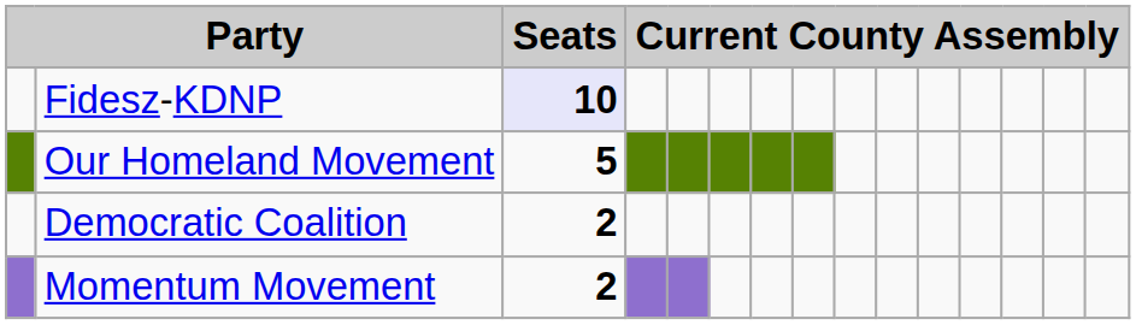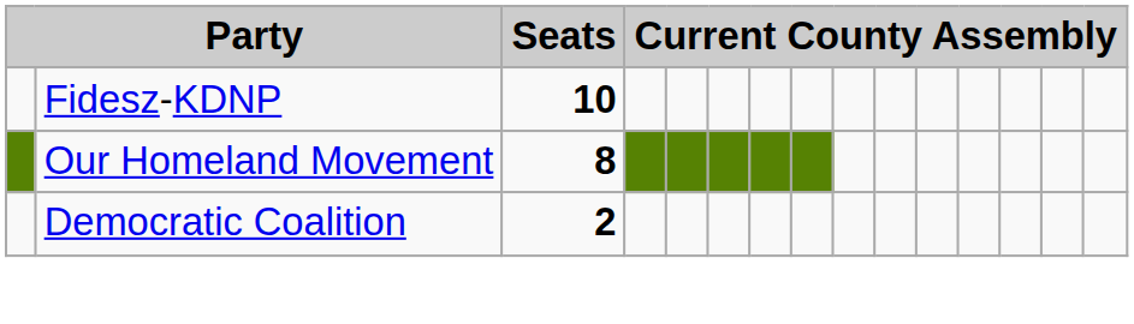 <table class="wikitable">
 <tr>
 <th style="background:#ccc" colspan="2">Party</th>
 <th style="background:#ccc">Seats</th>
 <th style="background:#ccc" colspan="12">Current County Assembly</th>
 </tr>
 <tr>
 <td style="background-color: "> </td>
 <td><a href='#'>Fidesz</a>-<a href='#'>KDNP</a></td>
-<td style="background: lavender; text-align: right"><strong>10</strong></td>
+<td style="text-align: right"><strong>10</strong></td>
 <td style="background-color: "> </td>
 <td style="background-color: "> </td>
 <td style="background-color: "> </td>
 <td style="background-color: "> </td>
 <td style="background-color: "> </td>
 <td style="background-color: "> </td>
 <td style="background-color: "> </td>
 <td style="background-color: "> </td>
 <td style="background-color: "> </td>
 <td style="background-color: "> </td>
 <td> </td>
 <td> </td>
 </tr>
 <tr>
 <td style="background-color: #568203"> </td>
 <td><a href='#'>Our Homeland Movement</a></td>
-<td style="text-align: right"><strong>5</strong></td>
+<td style="text-align: right"><strong>8</strong></td>
 <td style="background-color: #568203"> </td>
 <td style="background-color: #568203"> </td>
 <td style="background-color: #568203"> </td>
 <td style="background-color: #568203"> </td>
 <td style="background-color: #568203"> </td>
 <td> </td>
 <td> </td>
 <td> </td>
 <td> </td>
 <td> </td>
 <td> </td>
 <td> </td>
 </tr>
 <tr>
 <td style="background-color: "> </td>
 <td><a href='#'>Democratic Coalition</a></td>
 <td style="text-align: right"><strong>2</strong></td>
 <td style="background-color: "> </td>
 <td style="background-color: "> </td>
 <td> </td>
 <td> </td>
 <td> </td>
 <td> </td>
 <td> </td>
 <td> </td>
 <td> </td>
 <td> </td>
 <td> </td>
 <td> </td>
 </tr>
-<tr>
-<td style="background-color: #8E6FCE"> </td>
-<td><a href='#'>Momentum Movement</a></td>
-<td style="text-align: right"><strong>2</strong></td>
-<td style="background-color: #8E6FCE"> </td>
-<td style="background-color: #8E6FCE"> </td>
-<td> </td>
-<td> </td>
-<td> </td>
-<td> </td>
-<td> </td>
-<td> </td>
-<td> </td>
-<td> </td>
-<td> </td>
-<td> </td>
-</tr>
 </table>
